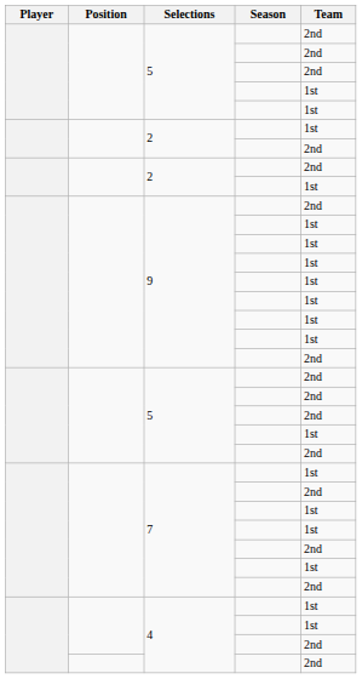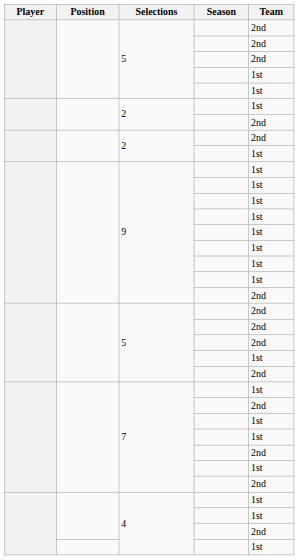 <table class="wikitable sortable" width="75%">
 <tr>
 <th scope="col">Player</th>
 <th scope="col">Position</th>
 <th scope="col">Selections</th>
 <th scope="col">Season</th>
 <th scope="col">Team</th>
 </tr>
 <tr>
 <th scope="row" rowspan="5"></th>
 <td rowspan="5"></td>
 <td rowspan="5">5</td>
 <td></td>
 <td>2nd</td>
 </tr>
 <tr>
 <td></td>
 <td>2nd</td>
 </tr>
 <tr>
 <td></td>
 <td>2nd</td>
 </tr>
 <tr>
 <td></td>
 <td>1st</td>
 </tr>
 <tr>
 <td></td>
 <td>1st</td>
 </tr>
 <tr>
 <th scope="row" rowspan="2"></th>
 <td rowspan="2"></td>
 <td rowspan="2">2</td>
 <td></td>
 <td>1st</td>
 </tr>
 <tr>
 <td></td>
 <td>2nd</td>
 </tr>
 <tr>
 <th scope="row" rowspan="2"></th>
 <td rowspan="2"></td>
 <td rowspan="2">2</td>
 <td></td>
 <td>2nd</td>
 </tr>
 <tr>
 <td></td>
 <td>1st</td>
 </tr>
 <tr>
 <th scope="row" rowspan="9"></th>
 <td rowspan="9"></td>
 <td rowspan="9">9</td>
 <td></td>
-<td>2nd</td>
+<td>1st</td>
 </tr>
 <tr>
 <td></td>
 <td>1st</td>
 </tr>
 <tr>
 <td></td>
 <td>1st</td>
 </tr>
 <tr>
 <td></td>
 <td>1st</td>
 </tr>
 <tr>
 <td></td>
 <td>1st</td>
 </tr>
 <tr>
 <td></td>
 <td>1st</td>
 </tr>
 <tr>
 <td></td>
 <td>1st</td>
 </tr>
 <tr>
 <td></td>
 <td>1st</td>
 </tr>
 <tr>
 <td></td>
 <td>2nd</td>
 </tr>
 <tr>
 <th scope="row" rowspan="5"></th>
 <td rowspan="5"></td>
 <td rowspan="5">5</td>
 <td></td>
 <td>2nd</td>
 </tr>
 <tr>
 <td></td>
 <td>2nd</td>
 </tr>
 <tr>
 <td></td>
 <td>2nd</td>
 </tr>
 <tr>
 <td></td>
 <td>1st</td>
 </tr>
 <tr>
 <td></td>
 <td>2nd</td>
 </tr>
 <tr>
 <th scope="row" rowspan="7"></th>
 <td rowspan="7"></td>
 <td rowspan="7">7</td>
 <td></td>
 <td>1st</td>
 </tr>
 <tr>
 <td></td>
 <td>2nd</td>
 </tr>
 <tr>
 <td></td>
 <td>1st</td>
 </tr>
 <tr>
 <td></td>
 <td>1st</td>
 </tr>
 <tr>
 <td></td>
 <td>2nd</td>
 </tr>
 <tr>
 <td></td>
 <td>1st</td>
 </tr>
 <tr>
 <td></td>
 <td>2nd</td>
 </tr>
 <tr>
 <th scope="row" rowspan="4"></th>
 <td rowspan="3"></td>
 <td rowspan="4">4</td>
 <td></td>
 <td>1st</td>
 </tr>
 <tr>
 <td></td>
 <td>1st</td>
 </tr>
 <tr>
 <td></td>
 <td>2nd</td>
 </tr>
 <tr>
 <td></td>
 <td></td>
-<td>2nd</td>
+<td>1st</td>
 </tr>
 </table>
